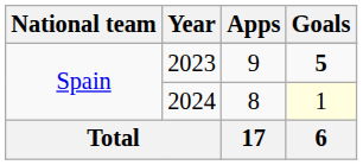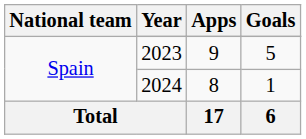 <table class=wikitable style="text-align: center;">
 <tr>
 <th>National team</th>
 <th>Year</th>
 <th>Apps</th>
 <th>Goals</th>
 </tr>
 <tr>
 <td rowspan="3"><a href='#'>Spain</a></td>
 </tr>
 <tr>
 <td>2023</td>
 <td>9</td>
-<td><strong>5</strong></td>
+<td>5</td>
 </tr>
 <tr>
 <td>2024</td>
 <td>8</td>
-<td style="background: lightyellow;">1</td>
+<td>1</td>
 </tr>
 <tr>
 <th colspan="2">Total</th>
 <th>17</th>
 <th>6</th>
 </tr>
 </table>
